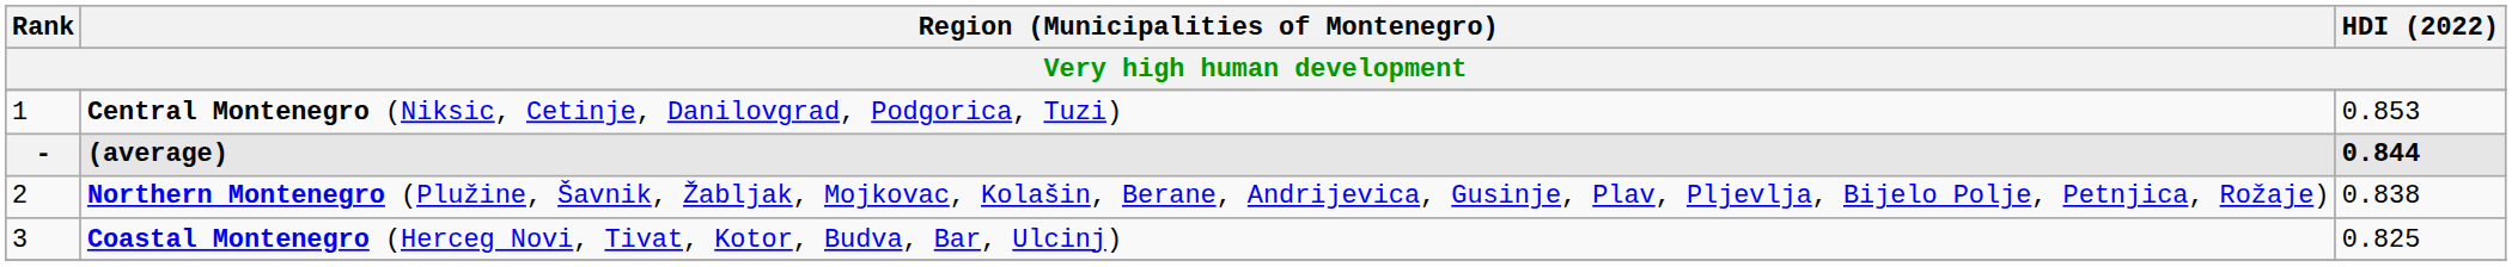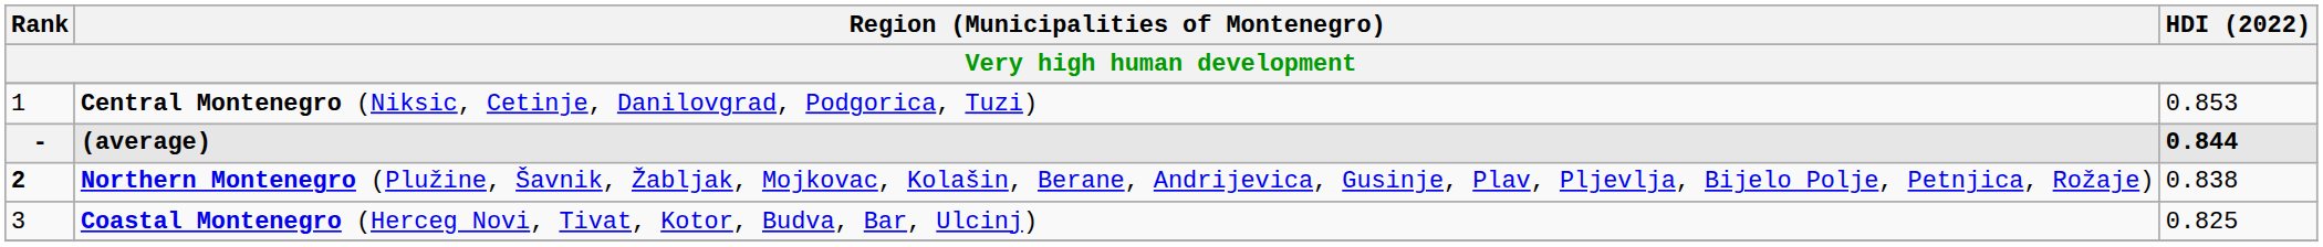 <table class="wikitable sortable">
 <tr>
 <th class="sort">Rank</th>
 <th class="sort">Region (Municipalities of Montenegro)</th>
 <th class="sort">HDI (2022)</th>
 </tr>
 <tr>
 <th colspan="5" style="color:#090;" align="center"><strong>Very high human development</strong></th>
 </tr>
 <tr>
 </tr>
 <tr>
 <td>1</td>
 <td><strong>Central Montenegro</strong> (<a href='#'>Niksic</a>, <a href='#'>Cetinje</a>, <a href='#'>Danilovgrad</a>, <a href='#'>Podgorica</a>, <a href='#'>Tuzi</a>)</td>
 <td>0.853</td>
 </tr>
 <tr style="background:#e6e6e6">
 <th>-</th>
 <td> <strong>(average)</strong></td>
 <td><strong>0.844</strong></td>
 </tr>
 <tr>
-<td>2</td>
+<td><strong>2</strong></td>
 <td><strong><a href='#'>Northern Montenegro</a></strong> (<a href='#'>Plužine</a>, <a href='#'>Šavnik</a>, <a href='#'>Žabljak</a>, <a href='#'>Mojkovac</a>, <a href='#'>Kolašin</a>, <a href='#'>Berane</a>, <a href='#'>Andrijevica</a>, <a href='#'>Gusinje</a>, <a href='#'>Plav</a>, <a href='#'>Pljevlja</a>, <a href='#'>Bijelo Polje</a>, <a href='#'>Petnjica</a>, <a href='#'>Rožaje</a>)</td>
 <td>0.838</td>
 </tr>
 <tr>
 <td>3</td>
 <td><strong><a href='#'>Coastal Montenegro</a></strong> (<a href='#'>Herceg Novi</a>, <a href='#'>Tivat</a>, <a href='#'>Kotor</a>, <a href='#'>Budva</a>, <a href='#'>Bar</a>, <a href='#'>Ulcinj</a>)</td>
 <td>0.825</td>
 </tr>
 <tr>
 </tr>
 </table>
